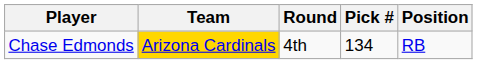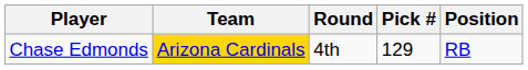 <table class="wikitable">
 <tr>
 <th>Player</th>
 <th>Team</th>
 <th>Round</th>
 <th>Pick #</th>
 <th>Position</th>
 </tr>
 <tr>
 <td><a href='#'>Chase Edmonds</a></td>
 <td style="background: gold;"><a href='#'>Arizona Cardinals</a></td>
 <td>4th</td>
-<td>134</td>
+<td>129</td>
 <td><a href='#'>RB</a></td>
 </tr>
 </table>
